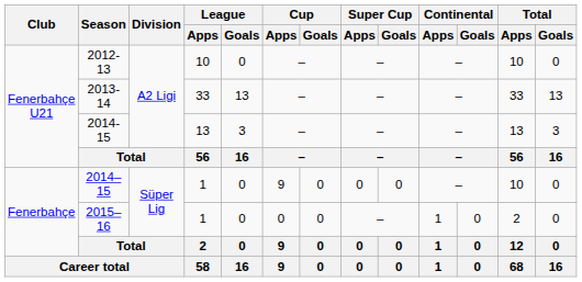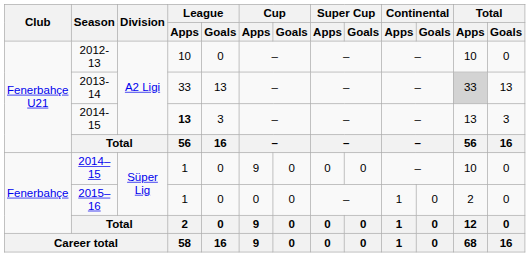 <table class="wikitable" style="font-size:100%; text-align:center;">
 <tr>
 <th rowspan="2">Club</th>
 <th rowspan="2">Season</th>
 <th rowspan="2">Division</th>
 <th colspan="2">League</th>
 <th colspan="2">Cup</th>
 <th colspan="2">Super Cup</th>
 <th colspan="2">Continental</th>
 <th colspan="2">Total</th>
 </tr>
 <tr>
 <th>Apps</th>
 <th>Goals</th>
 <th>Apps</th>
 <th>Goals</th>
 <th>Apps</th>
 <th>Goals</th>
 <th>Apps</th>
 <th>Goals</th>
 <th>Apps</th>
 <th>Goals</th>
 </tr>
 <tr>
 <td rowspan="4"><a href='#'>Fenerbahçe U21</a></td>
 <td>2012-13</td>
 <td rowspan="3"><a href='#'>A2 Ligi</a></td>
 <td>10</td>
 <td>0</td>
 <td colspan="2">–</td>
 <td colspan="2">–</td>
 <td colspan="2">–</td>
 <td>10</td>
 <td>0</td>
 </tr>
 <tr>
 <td>2013-14</td>
 <td>33</td>
 <td>13</td>
 <td colspan="2">–</td>
 <td colspan="2">–</td>
 <td colspan="2">–</td>
-<td>33</td>
+<td style="background: lightgrey;">33</td>
 <td>13</td>
 </tr>
 <tr>
 <td>2014-15</td>
-<td>13</td>
+<td><strong>13</strong></td>
 <td>3</td>
 <td colspan="2">–</td>
 <td colspan="2">–</td>
 <td colspan="2">–</td>
 <td>13</td>
 <td>3</td>
 </tr>
 <tr>
 <th colspan="2">Total</th>
 <th>56</th>
 <th>16</th>
 <th colspan="2">–</th>
 <th colspan="2">–</th>
 <th colspan="2">–</th>
 <th>56</th>
 <th>16</th>
 </tr>
 <tr>
 <td rowspan="3"><a href='#'>Fenerbahçe</a></td>
 <td><a href='#'>2014–15</a></td>
 <td rowspan="2"><a href='#'>Süper Lig</a></td>
 <td>1</td>
 <td>0</td>
 <td>9</td>
 <td>0</td>
 <td>0</td>
 <td>0</td>
 <td colspan="2">–</td>
 <td>10</td>
 <td>0</td>
 </tr>
 <tr>
 <td><a href='#'>2015–16</a></td>
 <td>1</td>
 <td>0</td>
 <td>0</td>
 <td>0</td>
 <td colspan="2">–</td>
 <td>1</td>
 <td>0</td>
 <td>2</td>
 <td>0</td>
 </tr>
 <tr>
 <th colspan="2">Total</th>
 <th>2</th>
 <th>0</th>
 <th>9</th>
 <th>0</th>
 <th>0</th>
 <th>0</th>
 <th>1</th>
 <th>0</th>
 <th>12</th>
 <th>0</th>
 </tr>
 <tr>
 <th colspan="3">Career total</th>
 <th>58</th>
 <th>16</th>
 <th>9</th>
 <th>0</th>
 <th>0</th>
 <th>0</th>
 <th>1</th>
 <th>0</th>
 <th>68</th>
 <th>16</th>
 </tr>
 </table>
